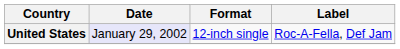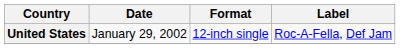 <table class="wikitable plainrowheaders" border="1">
 <tr>
 <th scope="col">Country</th>
 <th scope="col">Date</th>
 <th scope="col">Format</th>
 <th scope="col">Label</th>
 </tr>
 <tr>
 <th scope="row">United States</th>
-<td style="background: lavender;">January 29, 2002</td>
+<td>January 29, 2002</td>
 <td><a href='#'>12-inch single</a></td>
 <td><a href='#'>Roc-A-Fella</a>, <a href='#'>Def Jam</a></td>
 </tr>
 <tr>
 </tr>
 </table>
